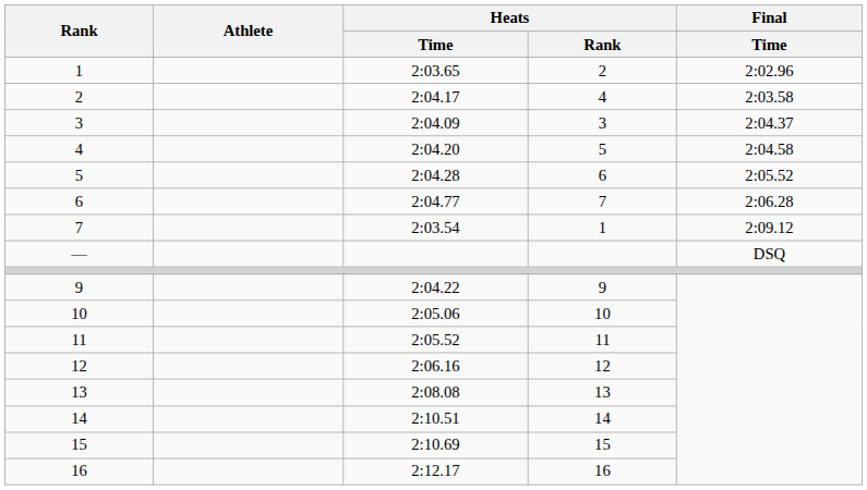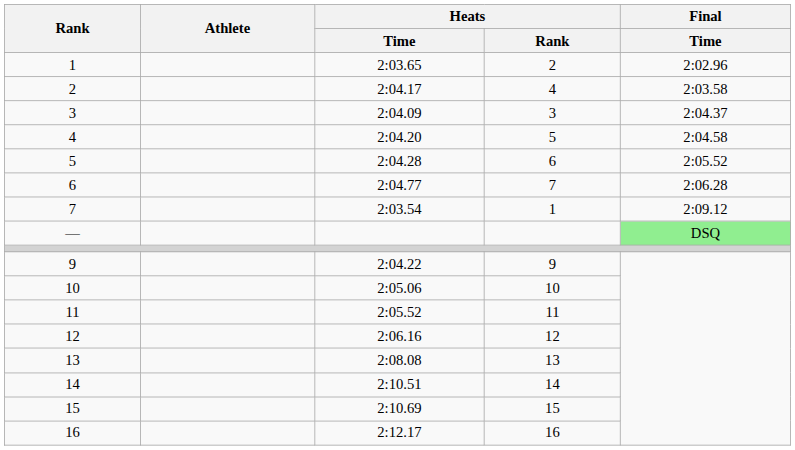 <table class="wikitable" style=" text-align:center; font-size:110%;" width="75%">
 <tr>
 <th rowspan="2">Rank</th>
 <th rowspan="2">Athlete</th>
 <th colspan="2">Heats</th>
 <th>Final</th>
 </tr>
 <tr>
 <th>Time</th>
 <th>Rank</th>
 <th>Time</th>
 </tr>
 <tr>
 <td>1</td>
 <td align=left></td>
 <td>2:03.65</td>
 <td>2</td>
 <td>2:02.96</td>
 </tr>
 <tr>
 <td>2</td>
 <td align=left></td>
 <td>2:04.17</td>
 <td>4</td>
 <td>2:03.58</td>
 </tr>
 <tr>
 <td>3</td>
 <td align=left></td>
 <td>2:04.09</td>
 <td>3</td>
 <td>2:04.37</td>
 </tr>
 <tr>
 <td>4</td>
 <td align=left></td>
 <td>2:04.20</td>
 <td>5</td>
 <td>2:04.58</td>
 </tr>
 <tr>
 <td>5</td>
 <td align=left></td>
 <td>2:04.28</td>
 <td>6</td>
 <td>2:05.52</td>
 </tr>
 <tr>
 <td>6</td>
 <td align=left></td>
 <td>2:04.77</td>
 <td>7</td>
 <td>2:06.28</td>
 </tr>
 <tr>
 <td>7</td>
 <td align=left></td>
 <td>2:03.54</td>
 <td>1</td>
 <td>2:09.12</td>
 </tr>
 <tr>
 <td>—</td>
 <td align=left></td>
 <td></td>
 <td></td>
-<td>DSQ</td>
+<td style="background: lightgreen;">DSQ</td>
 </tr>
 <tr>
 <td colspan=5 bgcolor=lightgray></td>
 </tr>
 <tr>
 <td>9</td>
 <td align=left></td>
 <td>2:04.22</td>
 <td>9</td>
 </tr>
 <tr>
 <td>10</td>
 <td align=left></td>
 <td>2:05.06</td>
 <td>10</td>
 </tr>
 <tr>
 <td>11</td>
 <td align=left></td>
 <td>2:05.52</td>
 <td>11</td>
 </tr>
 <tr>
 <td>12</td>
 <td align=left></td>
 <td>2:06.16</td>
 <td>12</td>
 </tr>
 <tr>
 <td>13</td>
 <td align=left></td>
 <td>2:08.08</td>
 <td>13</td>
 </tr>
 <tr>
 <td>14</td>
 <td align=left></td>
 <td>2:10.51</td>
 <td>14</td>
 </tr>
 <tr>
 <td>15</td>
 <td align=left></td>
 <td>2:10.69</td>
 <td>15</td>
 </tr>
 <tr>
 <td>16</td>
 <td align=left></td>
 <td>2:12.17</td>
 <td>16</td>
 </tr>
 </table>
